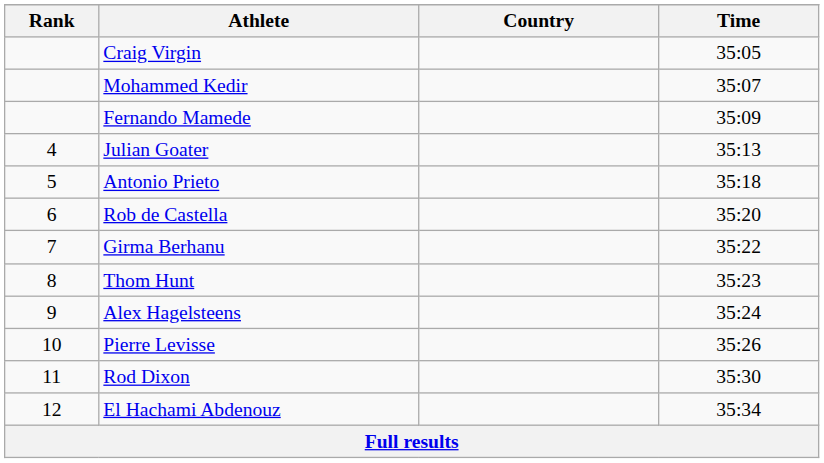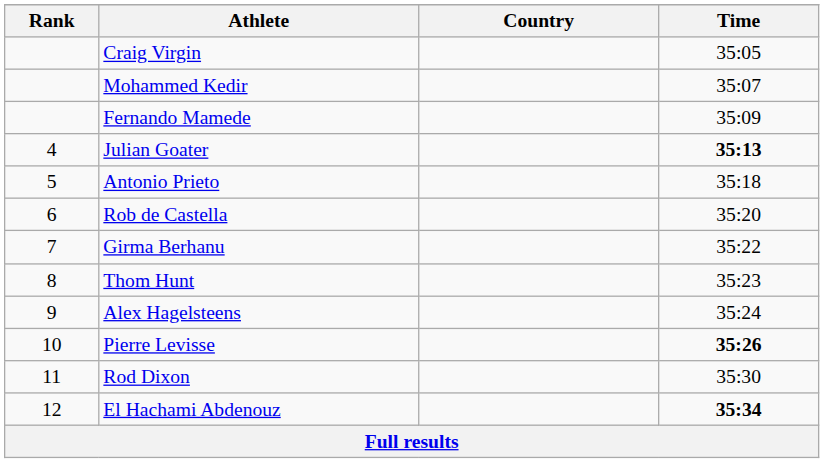 <table class="wikitable sortable" style=" text-align:center; font-size:95%;" width="50%">
 <tr>
 </tr>
 <tr>
 <th width=5%>Rank</th>
 <th width=20%>Athlete</th>
 <th width=15%>Country</th>
 <th width=10%>Time</th>
 </tr>
 <tr>
 <td align=center></td>
 <td align=left><a href='#'>Craig Virgin</a></td>
 <td align=left></td>
 <td>35:05</td>
 </tr>
 <tr>
 <td align=center></td>
 <td align=left><a href='#'>Mohammed Kedir</a></td>
 <td align=left></td>
 <td>35:07</td>
 </tr>
 <tr>
 <td align=center></td>
 <td align=left><a href='#'>Fernando Mamede</a></td>
 <td align=left></td>
 <td>35:09</td>
 </tr>
 <tr>
 <td align=center>4</td>
 <td align=left><a href='#'>Julian Goater</a></td>
 <td align=left></td>
-<td>35:13</td>
+<td><strong>35:13</strong></td>
 </tr>
 <tr>
 <td align=center>5</td>
 <td align=left><a href='#'>Antonio Prieto</a></td>
 <td align=left></td>
 <td>35:18</td>
 </tr>
 <tr>
 <td align=center>6</td>
 <td align=left><a href='#'>Rob de Castella</a></td>
 <td align=left></td>
 <td>35:20</td>
 </tr>
 <tr>
 <td align=center>7</td>
 <td align=left><a href='#'>Girma Berhanu</a></td>
 <td align=left></td>
 <td>35:22</td>
 </tr>
 <tr>
 <td align=center>8</td>
 <td align=left><a href='#'>Thom Hunt</a></td>
 <td align=left></td>
 <td>35:23</td>
 </tr>
 <tr>
 <td align=center>9</td>
 <td align=left><a href='#'>Alex Hagelsteens</a></td>
 <td align=left></td>
 <td>35:24</td>
 </tr>
 <tr>
 <td align=center>10</td>
 <td align=left><a href='#'>Pierre Levisse</a></td>
 <td align=left></td>
-<td>35:26</td>
+<td><strong>35:26</strong></td>
 </tr>
 <tr>
 <td align=center>11</td>
 <td align=left><a href='#'>Rod Dixon</a></td>
 <td align=left></td>
 <td>35:30</td>
 </tr>
 <tr>
 <td align=center>12</td>
 <td align=left><a href='#'>El Hachami Abdenouz</a></td>
 <td align=left></td>
-<td>35:34</td>
+<td><strong>35:34</strong></td>
 </tr>
 <tr class="sortbottom">
 <th colspan=4 align=center><a href='#'>Full results</a></th>
 </tr>
 </table>
